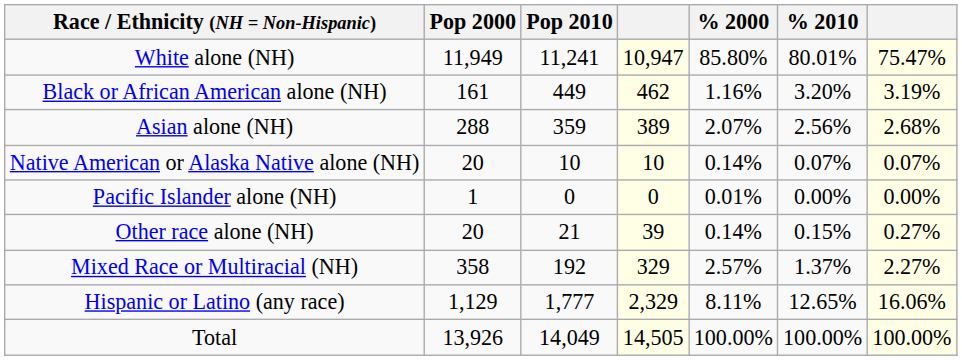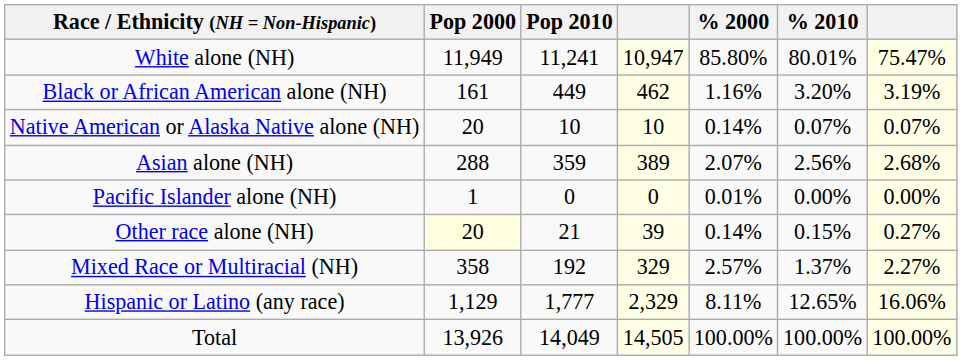 <table class="wikitable" style="text-align:center;">
 <tr>
 <th>Race / Ethnicity <small>(<em>NH = Non-Hispanic</em>)</small></th>
 <th>Pop 2000</th>
 <th>Pop 2010</th>
 <th></th>
 <th>% 2000</th>
 <th>% 2010</th>
 <th></th>
 </tr>
 <tr>
 <td><a href='#'>White</a> alone (NH)</td>
 <td>11,949</td>
 <td>11,241</td>
 <td style='background: #ffffe6;'>10,947</td>
 <td>85.80%</td>
 <td>80.01%</td>
 <td style='background: #ffffe6;'>75.47%</td>
 </tr>
 <tr>
 <td><a href='#'>Black or African American</a> alone (NH)</td>
 <td>161</td>
 <td>449</td>
 <td style='background: #ffffe6;'>462</td>
 <td>1.16%</td>
 <td>3.20%</td>
 <td style='background: #ffffe6;'>3.19%</td>
 </tr>
 <tr>
+<td><a href='#'>Native American</a> or <a href='#'>Alaska Native</a> alone (NH)</td>
+<td>20</td>
+<td>10</td>
+<td style='background: #ffffe6;'>10</td>
+<td>0.14%</td>
+<td>0.07%</td>
+<td style='background: #ffffe6;'>0.07%</td>
+</tr>
+<tr>
 <td><a href='#'>Asian</a> alone (NH)</td>
 <td>288</td>
 <td>359</td>
 <td style='background: #ffffe6;'>389</td>
 <td>2.07%</td>
 <td>2.56%</td>
 <td style='background: #ffffe6;'>2.68%</td>
-</tr>
-<tr>
-<td><a href='#'>Native American</a> or <a href='#'>Alaska Native</a> alone (NH)</td>
-<td>20</td>
-<td>10</td>
-<td style='background: #ffffe6;'>10</td>
-<td>0.14%</td>
-<td>0.07%</td>
-<td style='background: #ffffe6;'>0.07%</td>
 </tr>
 <tr>
 <td><a href='#'>Pacific Islander</a> alone (NH)</td>
 <td>1</td>
 <td>0</td>
 <td style='background: #ffffe6;'>0</td>
 <td>0.01%</td>
 <td>0.00%</td>
 <td style='background: #ffffe6;'>0.00%</td>
 </tr>
 <tr>
 <td><a href='#'>Other race</a> alone (NH)</td>
-<td>20</td>
+<td style="background: lightyellow;">20</td>
 <td>21</td>
 <td style='background: #ffffe6;'>39</td>
 <td>0.14%</td>
 <td>0.15%</td>
 <td style='background: #ffffe6;'>0.27%</td>
 </tr>
 <tr>
 <td><a href='#'>Mixed Race or Multiracial</a> (NH)</td>
 <td>358</td>
 <td>192</td>
 <td style='background: #ffffe6;'>329</td>
 <td>2.57%</td>
 <td>1.37%</td>
 <td style='background: #ffffe6;'>2.27%</td>
 </tr>
 <tr>
 <td><a href='#'>Hispanic or Latino</a> (any race)</td>
 <td>1,129</td>
 <td>1,777</td>
 <td style='background: #ffffe6;'>2,329</td>
 <td>8.11%</td>
 <td>12.65%</td>
 <td style='background: #ffffe6;'>16.06%</td>
 </tr>
 <tr>
 <td>Total</td>
 <td>13,926</td>
 <td>14,049</td>
 <td style='background: #ffffe6;'>14,505</td>
 <td>100.00%</td>
 <td>100.00%</td>
 <td style='background: #ffffe6;'>100.00%</td>
 </tr>
 </table>
